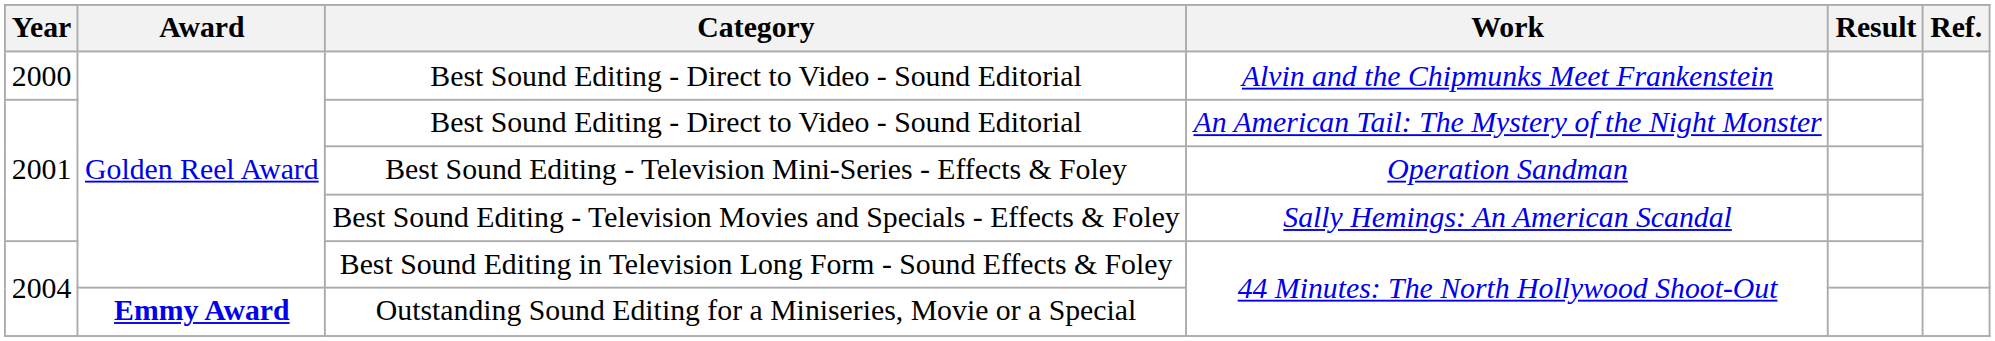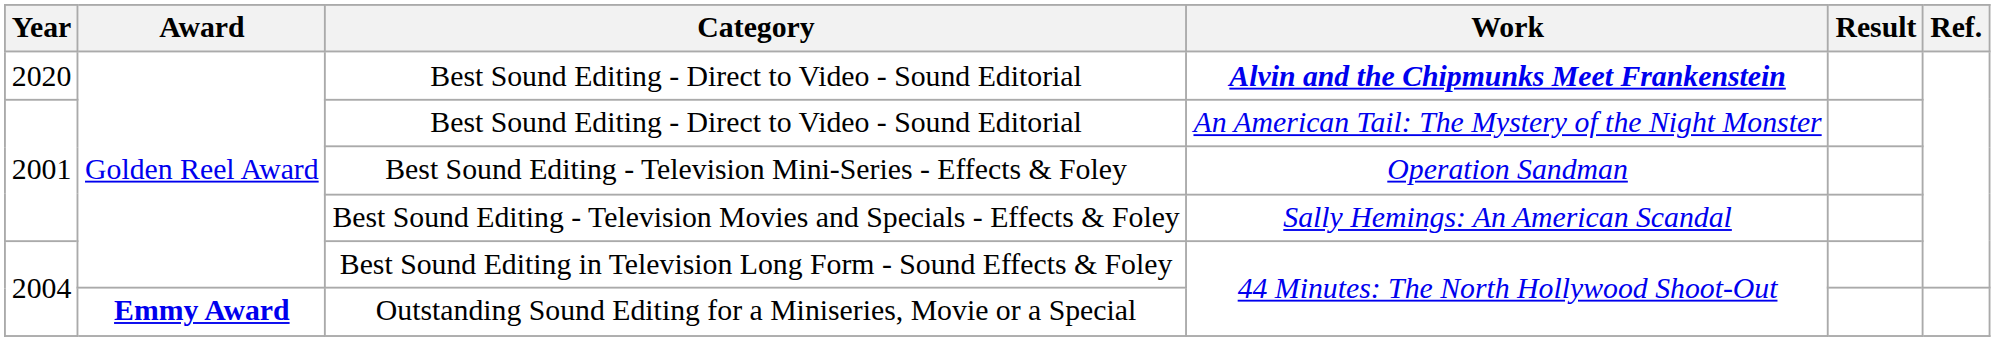 <table class="wikitable" rowspan=5; style="text-align: center; background:#ffffff;">
 <tr>
 <th>Year</th>
 <th>Award</th>
 <th>Category</th>
 <th>Work</th>
 <th>Result</th>
 <th>Ref.</th>
 </tr>
 <tr>
-<td>2000</td>
+<td>2020</td>
 <td rowspan=5><a href='#'>Golden Reel Award</a></td>
 <td>Best Sound Editing - Direct to Video - Sound Editorial</td>
-<td><em><a href='#'>Alvin and the Chipmunks Meet Frankenstein</a></em></td>
+<td><strong><em><a href='#'>Alvin and the Chipmunks Meet Frankenstein</a></em></strong></td>
 <td></td>
 <td rowspan=5></td>
 </tr>
 <tr>
 <td rowspan=3>2001</td>
 <td>Best Sound Editing - Direct to Video - Sound Editorial</td>
 <td><em><a href='#'>An American Tail: The Mystery of the Night Monster</a></em></td>
 <td></td>
 </tr>
 <tr>
 <td>Best Sound Editing - Television Mini-Series - Effects & Foley</td>
 <td><em><a href='#'>Operation Sandman</a></em></td>
 <td></td>
 </tr>
 <tr>
 <td>Best Sound Editing - Television Movies and Specials - Effects & Foley</td>
 <td><em><a href='#'>Sally Hemings: An American Scandal</a></em></td>
 <td></td>
 </tr>
 <tr>
 <td rowspan=2>2004</td>
 <td>Best Sound Editing in Television Long Form - Sound Effects & Foley</td>
 <td rowspan=2><em><a href='#'>44 Minutes: The North Hollywood Shoot-Out</a></em></td>
 <td></td>
 </tr>
 <tr>
 <td><strong><a href='#'>Emmy Award</a></strong></td>
 <td>Outstanding Sound Editing for a Miniseries, Movie or a Special</td>
 <td></td>
 <td></td>
 </tr>
 </table>
